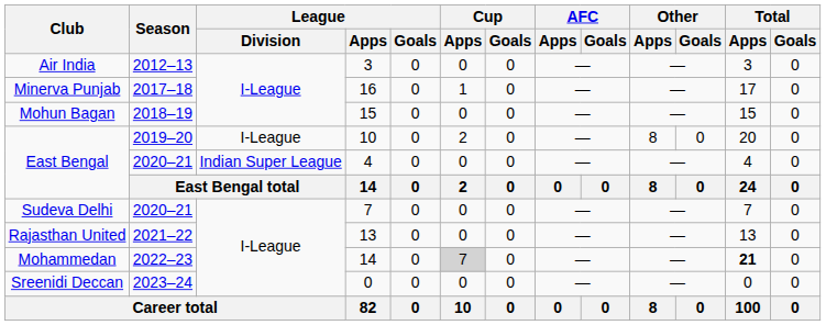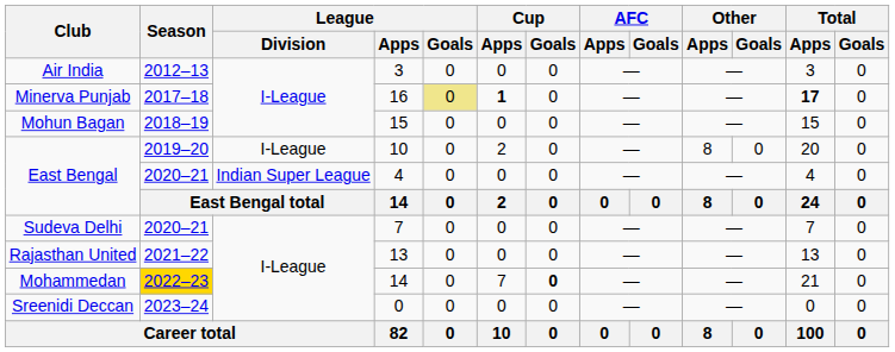 <table class="wikitable" style="font-size; text-align:center;">
 <tr>
 <th rowspan="2">Club</th>
 <th rowspan="2">Season</th>
 <th colspan="3">League</th>
 <th colspan="2">Cup</th>
 <th colspan="2"><a href='#'>AFC</a></th>
 <th colspan="2">Other</th>
 <th colspan="2">Total</th>
 </tr>
 <tr>
 <th>Division</th>
 <th>Apps</th>
 <th>Goals</th>
 <th>Apps</th>
 <th>Goals</th>
 <th>Apps</th>
 <th>Goals</th>
 <th>Apps</th>
 <th>Goals</th>
 <th>Apps</th>
 <th>Goals</th>
 </tr>
 <tr>
 <td rowspan="1"><a href='#'>Air India</a></td>
 <td><a href='#'>2012–13</a></td>
 <td rowspan="3"><a href='#'>I-League</a></td>
 <td>3</td>
 <td>0</td>
 <td>0</td>
 <td>0</td>
 <td colspan="2">—</td>
 <td colspan="2">—</td>
 <td>3</td>
 <td>0</td>
 </tr>
 <tr>
 <td rowspan="1"><a href='#'>Minerva Punjab</a></td>
 <td><a href='#'>2017–18</a></td>
 <td>16</td>
-<td>0</td>
-<td>1</td>
+<td style="background: khaki;">0</td>
+<td><strong>1</strong></td>
 <td>0</td>
 <td colspan="2">—</td>
 <td colspan="2">—</td>
-<td>17</td>
+<td><strong>17</strong></td>
 <td>0</td>
 </tr>
 <tr>
 <td rowspan="1"><a href='#'>Mohun Bagan</a></td>
 <td><a href='#'>2018–19</a></td>
 <td>15</td>
 <td>0</td>
 <td>0</td>
 <td>0</td>
 <td colspan="2">—</td>
 <td colspan="2">—</td>
 <td>15</td>
 <td>0</td>
 </tr>
 <tr>
 <td rowspan="3"><a href='#'>East Bengal</a></td>
 <td><a href='#'>2019–20</a></td>
 <td rowspan="1">I-League</td>
 <td>10</td>
 <td>0</td>
 <td>2</td>
 <td>0</td>
 <td colspan="2">—</td>
 <td>8</td>
 <td>0</td>
 <td>20</td>
 <td>0</td>
 </tr>
 <tr>
 <td><a href='#'>2020–21</a></td>
 <td rowspan="1"><a href='#'>Indian Super League</a></td>
 <td>4</td>
 <td>0</td>
 <td>0</td>
 <td>0</td>
 <td colspan="2">—</td>
 <td colspan="2">—</td>
 <td>4</td>
 <td>0</td>
 </tr>
 <tr>
 <th colspan="2">East Bengal total</th>
 <th>14</th>
 <th>0</th>
 <th>2</th>
 <th>0</th>
 <th>0</th>
 <th>0</th>
 <th>8</th>
 <th>0</th>
 <th>24</th>
 <th>0</th>
 </tr>
 <tr>
 <td rowspan="1"><a href='#'>Sudeva Delhi</a></td>
 <td><a href='#'>2020–21</a></td>
 <td rowspan="4">I-League</td>
 <td>7</td>
 <td>0</td>
 <td>0</td>
 <td>0</td>
 <td colspan="2">—</td>
 <td colspan="2">—</td>
 <td>7</td>
 <td>0</td>
 </tr>
 <tr>
 <td rowspan="1"><a href='#'>Rajasthan United</a></td>
 <td><a href='#'>2021–22</a></td>
 <td>13</td>
 <td>0</td>
 <td>0</td>
 <td>0</td>
 <td colspan="2">—</td>
 <td colspan="2">—</td>
 <td>13</td>
 <td>0</td>
 </tr>
 <tr>
 <td rowspan="1"><a href='#'>Mohammedan</a></td>
-<td><a href='#'>2022–23</a></td>
+<td style="background: gold;"><a href='#'>2022–23</a></td>
 <td>14</td>
 <td>0</td>
-<td style="background: lightgrey;">7</td>
-<td>0</td>
+<td>7</td>
+<td><strong>0</strong></td>
 <td colspan="2">—</td>
 <td colspan="2">—</td>
-<td><strong>21</strong></td>
+<td>21</td>
 <td>0</td>
 </tr>
 <tr>
 <td rowspan="1"><a href='#'>Sreenidi Deccan</a></td>
 <td><a href='#'>2023–24</a></td>
 <td>0</td>
 <td>0</td>
 <td>0</td>
 <td>0</td>
 <td colspan="2">—</td>
 <td colspan="2">—</td>
 <td>0</td>
 <td>0</td>
 </tr>
 <tr>
 <th colspan="3">Career total</th>
 <th>82</th>
 <th>0</th>
 <th>10</th>
 <th>0</th>
 <th>0</th>
 <th>0</th>
 <th>8</th>
 <th>0</th>
 <th>100</th>
 <th>0</th>
 </tr>
 </table>
